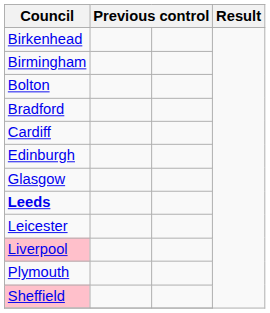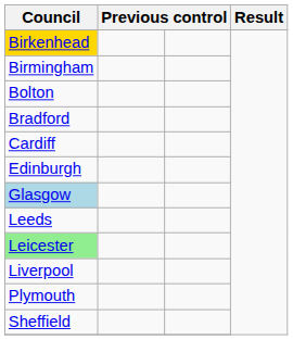 <table class="wikitable sortable" style="valign:top">
 <tr>
 <th>Council</th>
 <th colspan=2>Previous control</th>
 <th colspan=2>Result</th>
 </tr>
 <tr>
-<td><a href='#'>Birkenhead</a></td>
+<td style="background: gold;"><a href='#'>Birkenhead</a></td>
 <td></td>
 <td></td>
 </tr>
 <tr>
 <td><a href='#'>Birmingham</a></td>
 <td></td>
 <td></td>
 </tr>
 <tr>
 <td><a href='#'>Bolton</a></td>
 <td></td>
 <td></td>
 </tr>
 <tr>
 <td><a href='#'>Bradford</a></td>
 <td></td>
 <td></td>
 </tr>
 <tr>
 <td><a href='#'>Cardiff</a></td>
 <td></td>
 <td></td>
 </tr>
 <tr>
 <td><a href='#'>Edinburgh</a></td>
 <td></td>
 <td></td>
 </tr>
 <tr>
-<td><a href='#'>Glasgow</a></td>
+<td style="background: lightblue;"><a href='#'>Glasgow</a></td>
 <td></td>
 <td></td>
 </tr>
 <tr>
-<td><strong><a href='#'>Leeds</a></strong></td>
+<td><a href='#'>Leeds</a></td>
 <td></td>
 <td></td>
 </tr>
 <tr>
-<td><a href='#'>Leicester</a></td>
+<td style="background: lightgreen;"><a href='#'>Leicester</a></td>
 <td></td>
 <td></td>
 </tr>
 <tr>
-<td style="background: pink;"><a href='#'>Liverpool</a></td>
+<td><a href='#'>Liverpool</a></td>
 <td></td>
 <td></td>
 </tr>
 <tr>
 <td><a href='#'>Plymouth</a></td>
 <td></td>
 <td></td>
 </tr>
 <tr>
-<td style="background: pink;"><a href='#'>Sheffield</a></td>
+<td><a href='#'>Sheffield</a></td>
 <td></td>
 <td></td>
 </tr>
 <tr>
 </tr>
 </table>
